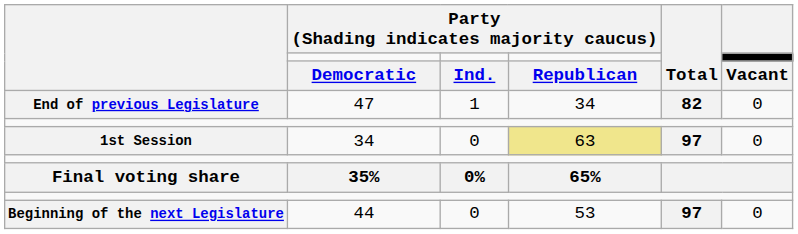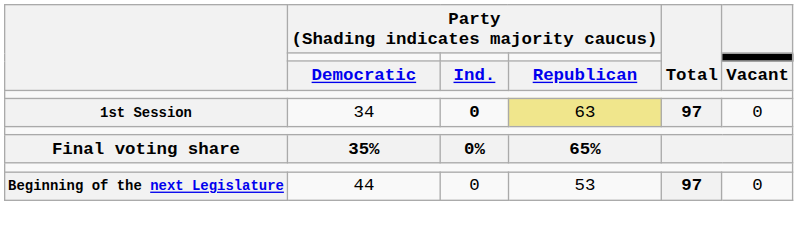 <table class=wikitable style="text-align:center">
 <tr style="vertical-align:bottom;">
 <th rowspan=3></th>
 <th colspan=3>Party <div>(Shading indicates majority caucus)</div></th>
 <th rowspan=3>Total</th>
 <th></th>
 </tr>
 <tr style="height:5px">
 <td style="background-color:"></td>
 <td style="background-color:"></td>
 <td style="background-color:"></td>
 <td style="background:black;"></td>
 </tr>
 <tr>
 <th><a href='#'>Democratic</a></th>
 <th><a href='#'>Ind.</a></th>
 <th><a href='#'>Republican</a></th>
 <th>Vacant</th>
 </tr>
 <tr>
-<th style="font-size:80%;">End of <a href='#'>previous Legislature</a></th>
-<td>47</td>
-<td>1</td>
-<td>34</td>
-<th>82</th>
-<td>0</td>
-</tr>
-<tr>
 <td colspan=6></td>
 </tr>
 <tr>
 <th style="font-size:80%;">1st Session</th>
 <td>34</td>
-<td>0</td>
+<td><strong>0</strong></td>
 <td style="background: khaki;">63</td>
 <th>97</th>
 <td>0</td>
 </tr>
 <tr>
 <td colspan=6></td>
 </tr>
 <tr>
 <th>Final voting share</th>
 <th>35%</th>
 <th>0%</th>
 <th>65%</th>
 <th colspan=2></th>
 </tr>
 <tr>
 <td colspan=6></td>
 </tr>
 <tr>
 <th style="font-size:80%;">Beginning of the <a href='#'>next Legislature</a></th>
 <td>44</td>
 <td>0</td>
 <td>53</td>
 <th>97</th>
 <td>0</td>
 </tr>
 </table>
